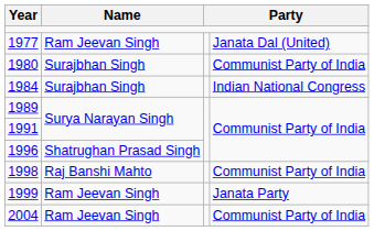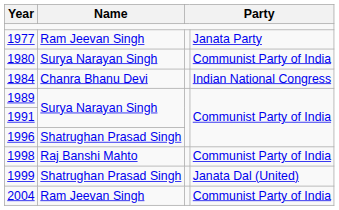 <table class="wikitable">
 <tr>
 <th>Year</th>
 <th>Name</th>
 <th colspan="2">Party</th>
 </tr>
 <tr>
 <td colspan="4"></td>
 </tr>
 <tr>
 <td><a href='#'>1977</a></td>
 <td><a href='#'>Ram Jeevan Singh</a></td>
 <td style="background-color: "></td>
-<td><a href='#'>Janata Dal (United)</a></td>
+<td><a href='#'>Janata Party</a></td>
 </tr>
 <tr>
 <td><a href='#'>1980</a></td>
-<td><a href='#'>Surajbhan Singh</a></td>
+<td><a href='#'>Surya Narayan Singh</a></td>
 <td style="background-color: "></td>
 <td><a href='#'>Communist Party of India</a></td>
 </tr>
 <tr>
 <td><a href='#'>1984</a></td>
-<td><a href='#'>Surajbhan Singh</a></td>
+<td><a href='#'>Chanra Bhanu Devi</a></td>
 <td style="background-color: "></td>
 <td><a href='#'>Indian National Congress</a></td>
 </tr>
 <tr>
 <td><a href='#'>1989</a></td>
 <td rowspan="2"><a href='#'>Surya Narayan Singh</a></td>
 <td rowspan="3" style="background-color: "></td>
 <td rowspan="3"><a href='#'>Communist Party of India</a></td>
 </tr>
 <tr>
 <td><a href='#'>1991</a></td>
 </tr>
 <tr>
 <td><a href='#'>1996</a></td>
 <td><a href='#'>Shatrughan Prasad Singh</a></td>
 </tr>
 <tr>
 <td><a href='#'>1998</a></td>
 <td><a href='#'>Raj Banshi Mahto</a></td>
 <td style="background-color: "></td>
 <td><a href='#'>Communist Party of India</a></td>
 </tr>
 <tr>
 <td><a href='#'>1999</a></td>
-<td><a href='#'>Ram Jeevan Singh</a></td>
+<td><a href='#'>Shatrughan Prasad Singh</a></td>
 <td style="background-color: "></td>
-<td><a href='#'>Janata Party</a></td>
+<td><a href='#'>Janata Dal (United)</a></td>
 </tr>
 <tr>
 <td><a href='#'>2004</a></td>
 <td><a href='#'>Ram Jeevan Singh</a></td>
 <td style="background-color: "></td>
 <td><a href='#'>Communist Party of India</a></td>
 </tr>
 </table>
